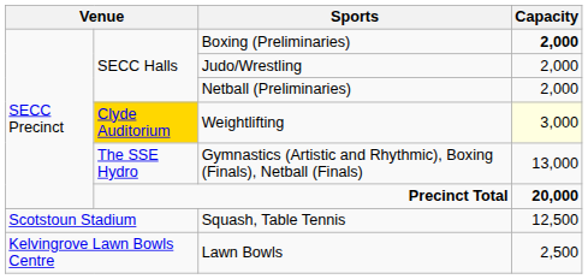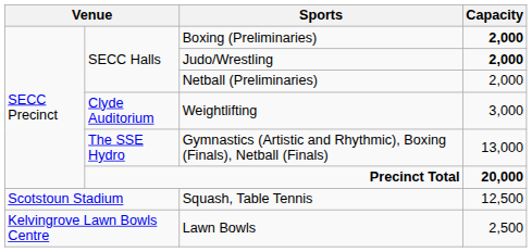 <table class="wikitable sortable">
 <tr>
 <th colspan="2">Venue</th>
 <th class="unsortable">Sports</th>
 <th>Capacity</th>
 </tr>
 <tr>
 <td rowspan="6"><a href='#'>SECC</a> Precinct</td>
 <td rowspan="3">SECC Halls</td>
 <td>Boxing (Preliminaries)</td>
 <td align="right"><strong>2,000</strong></td>
 </tr>
 <tr>
 <td>Judo/Wrestling</td>
-<td align="right">2,000</td>
+<td align="right"><strong>2,000</strong></td>
 </tr>
 <tr>
 <td>Netball (Preliminaries)</td>
 <td align="right">2,000</td>
 </tr>
 <tr>
-<td style="background: gold;"><a href='#'>Clyde Auditorium</a></td>
+<td><a href='#'>Clyde Auditorium</a></td>
 <td>Weightlifting</td>
-<td align="right" style="background: lightyellow;">3,000</td>
+<td align="right">3,000</td>
 </tr>
 <tr>
 <td><a href='#'>The SSE Hydro</a></td>
 <td>Gymnastics (Artistic and Rhythmic), Boxing (Finals), Netball (Finals)</td>
 <td align="right">13,000</td>
 </tr>
 <tr>
 <td colspan="2" align="right"><strong>Precinct Total</strong></td>
 <td align="right"><strong>20,000</strong></td>
 </tr>
 <tr>
 <td colspan="2"><a href='#'>Scotstoun Stadium</a></td>
 <td>Squash, Table Tennis</td>
 <td align="right">12,500</td>
 </tr>
 <tr>
 <td colspan="2"><a href='#'>Kelvingrove Lawn Bowls Centre</a></td>
 <td>Lawn Bowls</td>
 <td align="right">2,500</td>
 </tr>
 </table>
